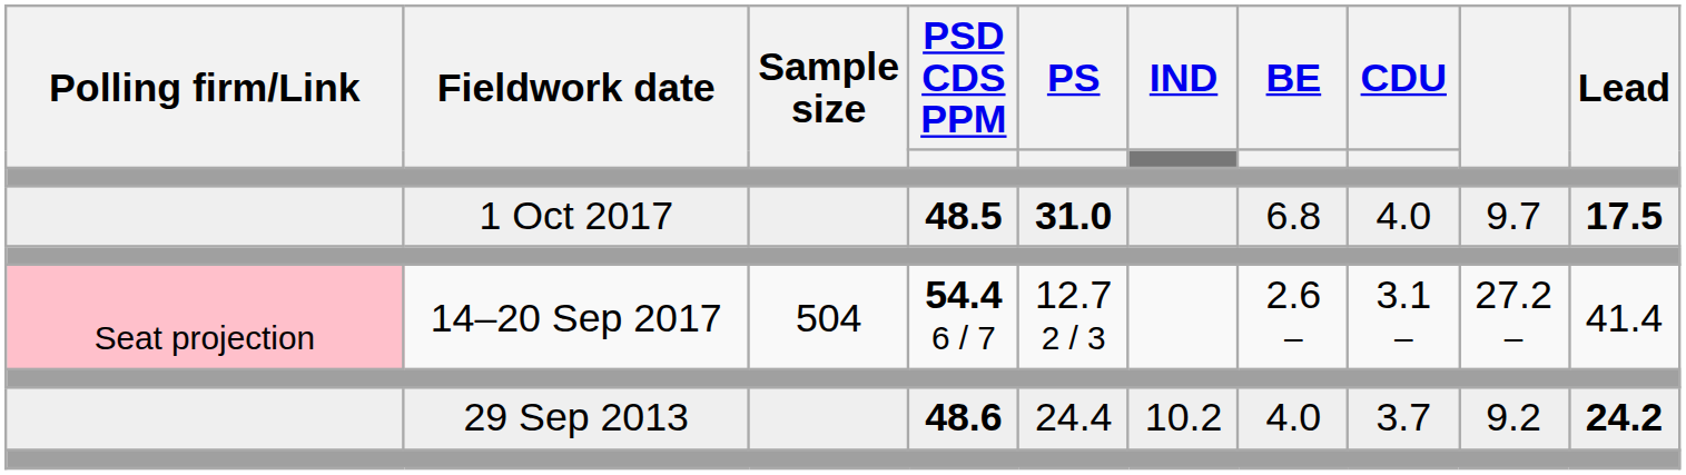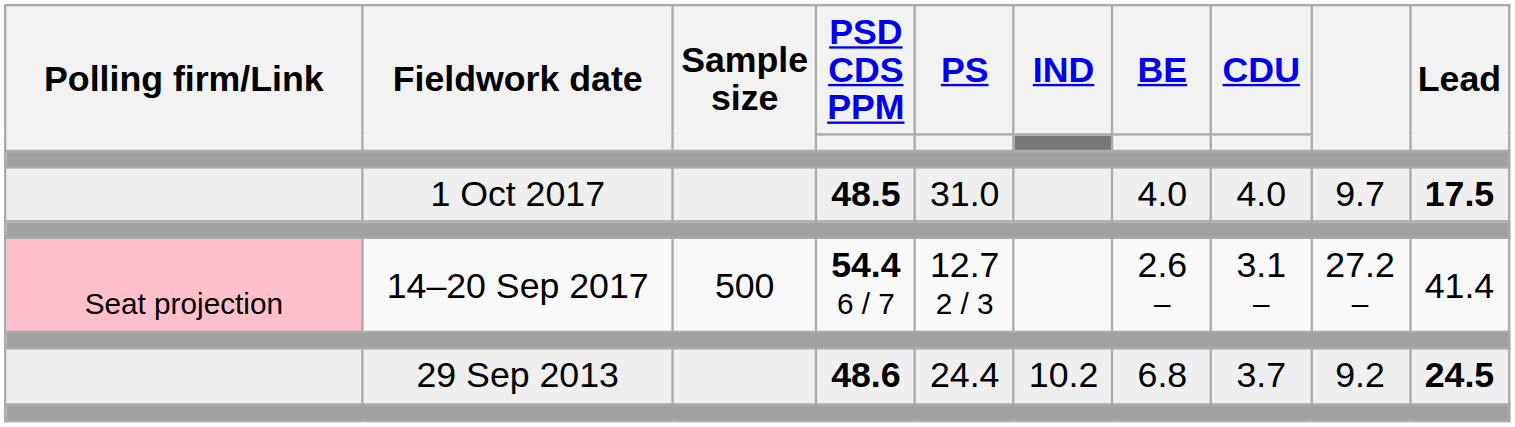 <table class="wikitable collapsible sortable" style="text-align:center; font-size:95%; line-height:16px;">
 <tr style="height:42px;">
 <th style="width:145px;" rowspan="2">Polling firm/Link</th>
 <th style="width:125px;" rowspan="2">Fieldwork date</th>
 <th class="unsortable" style="width:50px;" rowspan="2">Sample size</th>
 <th class="unsortable" style="width:35px;"><a href='#'>PSD</a><br><a href='#'>CDS</a><br><a href='#'>PPM</a></th>
 <th class="unsortable" style="width:35px;"><a href='#'>PS</a></th>
 <th class="unsortable" style="width:35px;"><a href='#'>IND</a></th>
 <th class="unsortable" style="width:35px;"><a href='#'>BE</a></th>
 <th class="unsortable" style="width:35px;"><a href='#'>CDU</a></th>
 <th class="unsortable" style="width:35px;" rowspan="2"></th>
 <th class="unsortable" style="width:30px;" rowspan="2">Lead</th>
 </tr>
 <tr>
 <th class="unsortable" style="color:inherit;background:"></th>
 <th class="unsortable" style="color:inherit;background:"></th>
 <th class="unsortable" style="color:inherit;background:#777777;"></th>
 <th class="unsortable" style="color:inherit;background:"></th>
 <th class="unsortable" style="color:inherit;background:"></th>
 </tr>
 <tr>
 <td colspan="10" style="background:#A0A0A0"></td>
 </tr>
 <tr style="background:#EFEFEF;">
 <td><strong></strong></td>
 <td data-sort-value="2019-10-06">1 Oct 2017</td>
 <td></td>
 <td><strong>48.5</strong><br></td>
-<td><strong>31.0<br></strong></td>
+<td>31.0<br></td>
 <td></td>
-<td>6.8<br></td>
+<td>4.0<br></td>
 <td>4.0<br></td>
 <td>9.7<br></td>
 <td style="background:"><strong>17.5</strong></td>
 </tr>
 <tr>
 <td colspan="10" style="background:#A0A0A0"></td>
 </tr>
 <tr>
 <td align="center" style="background: pink;"><br><small>Seat projection</small></td>
 <td align="center">14–20 Sep 2017</td>
-<td>504</td>
+<td>500</td>
 <td align="center" ><strong>54.4</strong><br><small>6 / 7</small></td>
 <td align="center">12.7<br><small>2 / 3</small></td>
 <td></td>
 <td align="center">2.6<br><small>–</small></td>
 <td align="center">3.1<br><small>–</small></td>
 <td align="center">27.2<br><small>–</small></td>
 <td style="background:">41.4</td>
 </tr>
 <tr>
 <td colspan="10" style="background:#A0A0A0"></td>
 </tr>
 <tr style="background:#EFEFEF;">
 <td><strong></strong></td>
 <td data-sort-value="2019-10-06">29 Sep 2013</td>
 <td></td>
 <td><strong>48.6</strong><br></td>
 <td>24.4<br></td>
 <td>10.2<br></td>
-<td>4.0<br></td>
+<td>6.8<br></td>
 <td>3.7<br></td>
 <td>9.2<br></td>
-<td style="background:"><strong>24.2</strong></td>
+<td style="background:"><strong>24.5</strong></td>
 </tr>
 <tr>
 <td colspan="10" style="background:#A0A0A0"></td>
 </tr>
 </table>
